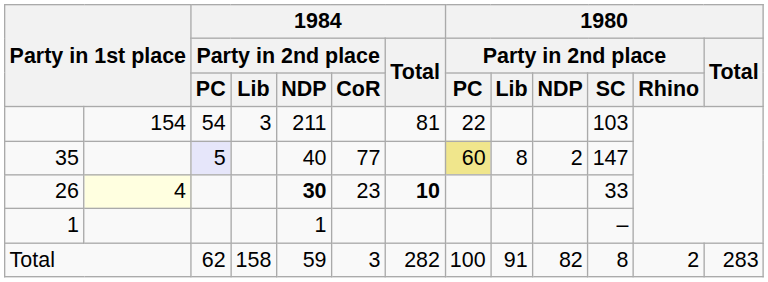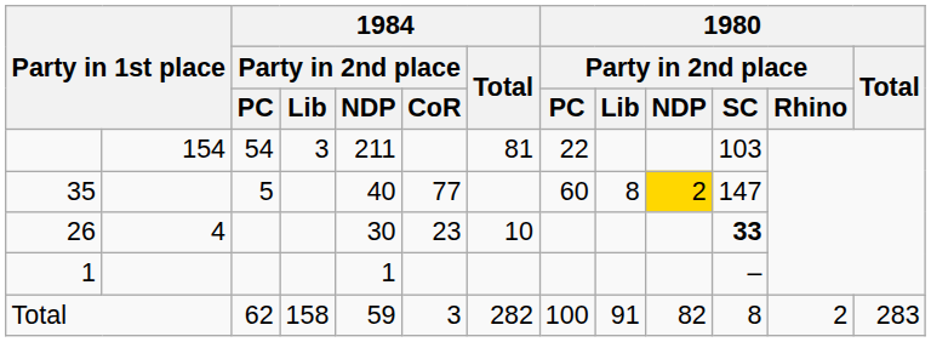 <table class="wikitable" style="text-align:right;">
 <tr>
 <th rowspan="3" colspan="2" style="text-align:left;">Party in 1st place</th>
 <th colspan="5">1984</th>
 <th colspan="6">1980</th>
 </tr>
 <tr>
 <th colspan="4">Party in 2nd place</th>
 <th rowspan="2">Total</th>
 <th colspan="5">Party in 2nd place</th>
 <th rowspan="2">Total</th>
 </tr>
 <tr>
 <th>PC</th>
 <th>Lib</th>
 <th>NDP</th>
 <th>CoR</th>
 <th>PC</th>
 <th>Lib</th>
 <th>NDP</th>
 <th>SC</th>
 <th>Rhino</th>
 </tr>
 <tr>
 <td></td>
 <td>154</td>
 <td>54</td>
 <td>3</td>
 <td>211</td>
 <td></td>
 <td>81</td>
 <td>22</td>
 <td></td>
 <td></td>
 <td>103</td>
 </tr>
 <tr>
 <td>35</td>
 <td></td>
-<td style="background: lavender;">5</td>
+<td>5</td>
 <td></td>
 <td>40</td>
 <td>77</td>
 <td></td>
-<td style="background: khaki;">60</td>
+<td>60</td>
 <td>8</td>
-<td>2</td>
+<td style="background: gold;">2</td>
 <td>147</td>
 </tr>
 <tr>
 <td>26</td>
-<td style="background: lightyellow;">4</td>
+<td>4</td>
 <td></td>
 <td></td>
-<td><strong>30</strong></td>
+<td>30</td>
 <td>23</td>
-<td><strong>10</strong></td>
+<td>10</td>
 <td></td>
 <td></td>
 <td></td>
-<td>33</td>
+<td><strong>33</strong></td>
 </tr>
 <tr>
 <td>1</td>
 <td></td>
 <td></td>
 <td></td>
 <td>1</td>
 <td></td>
 <td></td>
 <td></td>
 <td></td>
 <td></td>
 <td>–</td>
 </tr>
 <tr>
 <td colspan="2" style="text-align:left;">Total</td>
 <td>62</td>
 <td>158</td>
 <td>59</td>
 <td>3</td>
 <td>282</td>
 <td>100</td>
 <td>91</td>
 <td>82</td>
 <td>8</td>
 <td>2</td>
 <td>283</td>
 </tr>
 </table>
